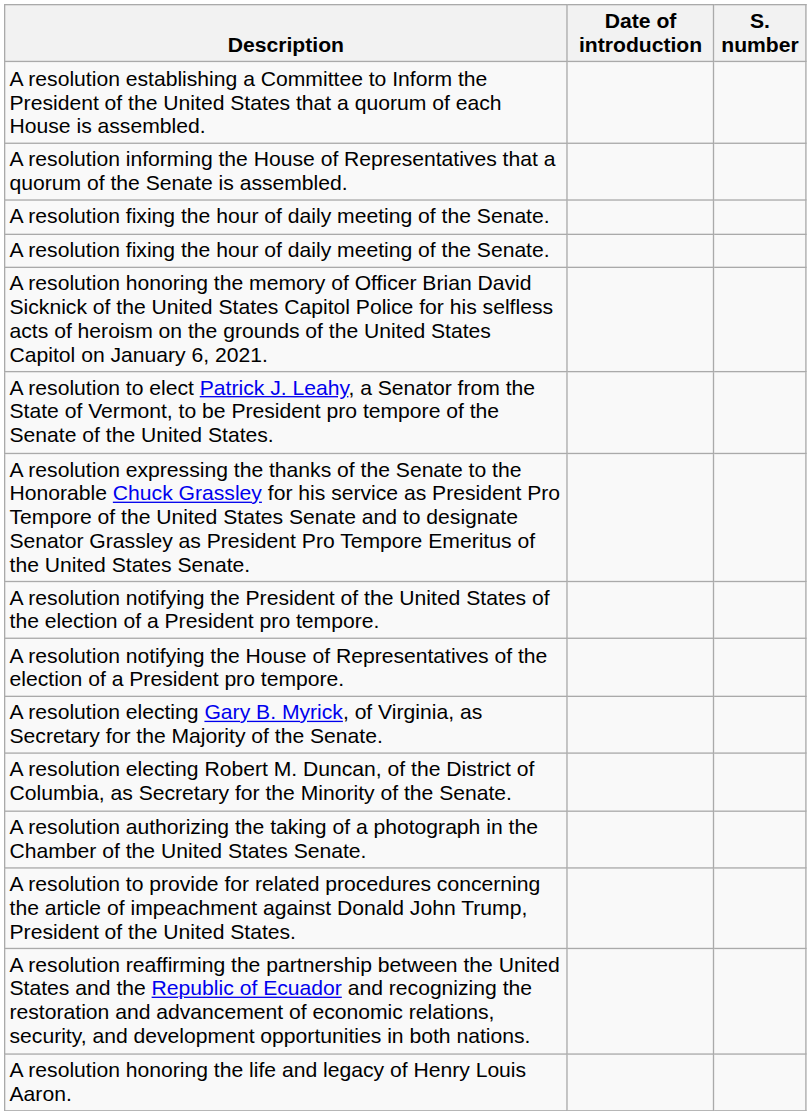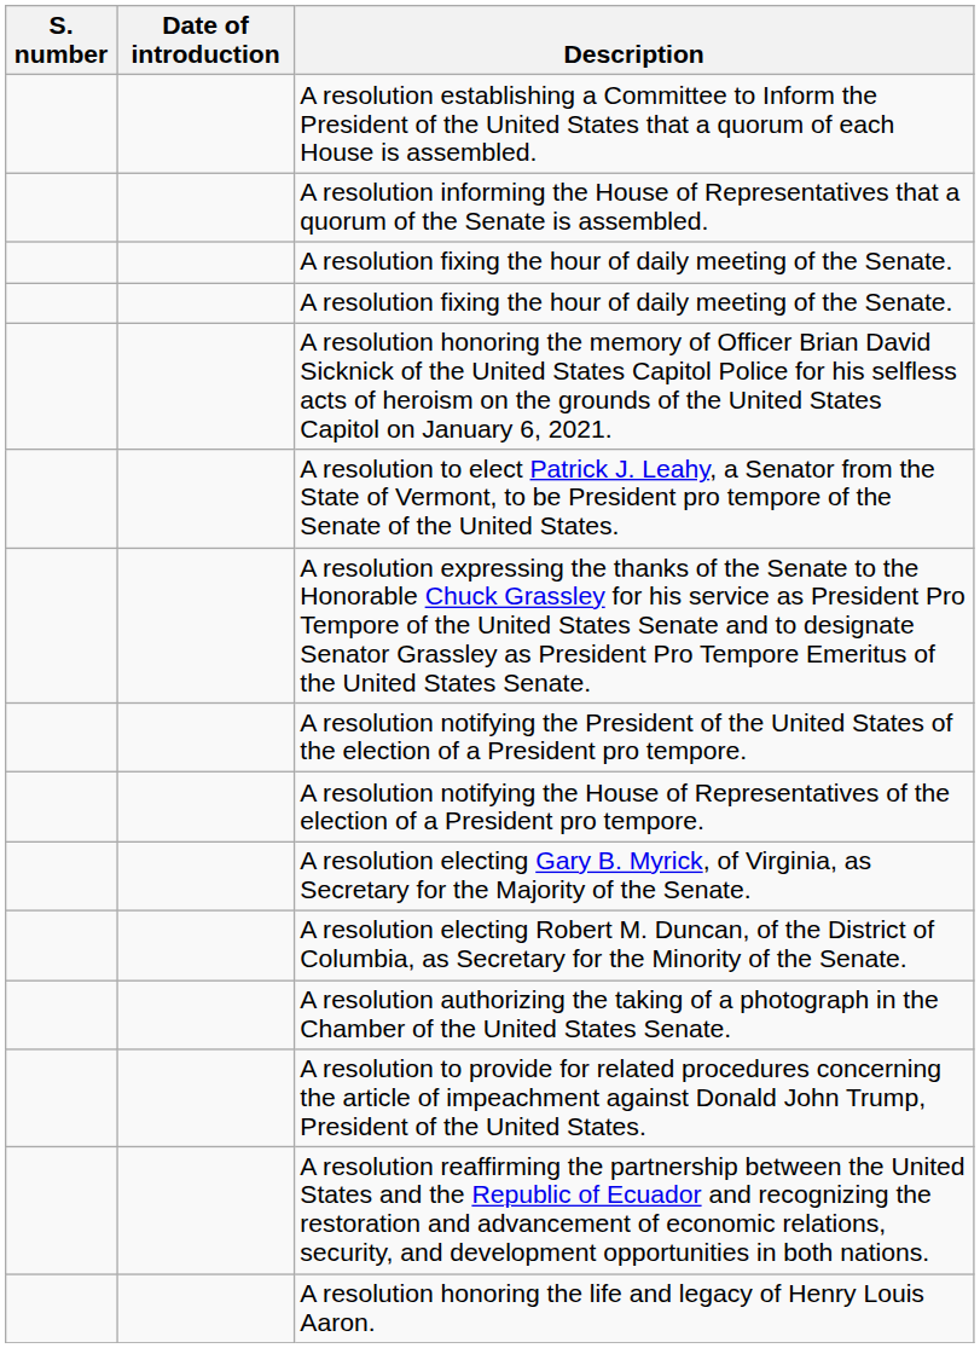 <table class="wikitable">
 <tr valign="bottom">
+<th>S. number</th>
+<th>Date of introduction</th>
 <th>Description</th>
-<th>Date of introduction</th>
-<th>S. number</th>
 </tr>
 <tr>
-<td>A resolution establishing a Committee to Inform the President of the United States that a quorum of each House is assembled.</td>
 <td></td>
 <td></td>
+<td>A resolution establishing a Committee to Inform the President of the United States that a quorum of each House is assembled.</td>
 </tr>
 <tr>
-<td>A resolution informing the House of Representatives that a quorum of the Senate is assembled.</td>
 <td></td>
 <td></td>
+<td>A resolution informing the House of Representatives that a quorum of the Senate is assembled.</td>
 </tr>
 <tr>
-<td>A resolution fixing the hour of daily meeting of the Senate.</td>
 <td></td>
 <td></td>
+<td>A resolution fixing the hour of daily meeting of the Senate.</td>
 </tr>
 <tr>
-<td>A resolution fixing the hour of daily meeting of the Senate.</td>
 <td></td>
 <td></td>
+<td>A resolution fixing the hour of daily meeting of the Senate.</td>
 </tr>
 <tr>
-<td>A resolution honoring the memory of Officer Brian David Sicknick of the United States Capitol Police for his selfless acts of heroism on the grounds of the United States Capitol on January 6, 2021.</td>
 <td></td>
 <td></td>
+<td>A resolution honoring the memory of Officer Brian David Sicknick of the United States Capitol Police for his selfless acts of heroism on the grounds of the United States Capitol on January 6, 2021.</td>
 </tr>
 <tr>
-<td>A resolution to elect <a href='#'>Patrick J. Leahy</a>, a Senator from the State of Vermont, to be President pro tempore of the Senate of the United States.</td>
 <td></td>
 <td></td>
+<td>A resolution to elect <a href='#'>Patrick J. Leahy</a>, a Senator from the State of Vermont, to be President pro tempore of the Senate of the United States.</td>
 </tr>
 <tr>
-<td>A resolution expressing the thanks of the Senate to the Honorable <a href='#'>Chuck Grassley</a> for his service as President Pro Tempore of the United States Senate and to designate Senator Grassley as President Pro Tempore Emeritus of the United States Senate.</td>
 <td></td>
 <td></td>
+<td>A resolution expressing the thanks of the Senate to the Honorable <a href='#'>Chuck Grassley</a> for his service as President Pro Tempore of the United States Senate and to designate Senator Grassley as President Pro Tempore Emeritus of the United States Senate.</td>
 </tr>
 <tr>
-<td>A resolution notifying the President of the United States of the election of a President pro tempore.</td>
 <td></td>
 <td></td>
+<td>A resolution notifying the President of the United States of the election of a President pro tempore.</td>
 </tr>
 <tr>
-<td>A resolution notifying the House of Representatives of the election of a President pro tempore.</td>
 <td></td>
 <td></td>
+<td>A resolution notifying the House of Representatives of the election of a President pro tempore.</td>
 </tr>
 <tr>
-<td>A resolution electing <a href='#'>Gary B. Myrick</a>, of Virginia, as Secretary for the Majority of the Senate.</td>
 <td></td>
 <td></td>
+<td>A resolution electing <a href='#'>Gary B. Myrick</a>, of Virginia, as Secretary for the Majority of the Senate.</td>
 </tr>
 <tr>
-<td>A resolution electing Robert M. Duncan, of the District of Columbia, as Secretary for the Minority of the Senate.</td>
 <td></td>
 <td></td>
+<td>A resolution electing Robert M. Duncan, of the District of Columbia, as Secretary for the Minority of the Senate.</td>
 </tr>
 <tr>
-<td>A resolution authorizing the taking of a photograph in the Chamber of the United States Senate.</td>
 <td></td>
 <td></td>
+<td>A resolution authorizing the taking of a photograph in the Chamber of the United States Senate.</td>
 </tr>
 <tr>
-<td>A resolution to provide for related procedures concerning the article of impeachment against Donald John Trump, President of the United States.</td>
 <td></td>
 <td></td>
+<td>A resolution to provide for related procedures concerning the article of impeachment against Donald John Trump, President of the United States.</td>
 </tr>
 <tr>
-<td>A resolution reaffirming the partnership between the United States and the <a href='#'>Republic of Ecuador</a> and recognizing the restoration and advancement of economic relations, security, and development opportunities in both nations.</td>
 <td></td>
 <td></td>
+<td>A resolution reaffirming the partnership between the United States and the <a href='#'>Republic of Ecuador</a> and recognizing the restoration and advancement of economic relations, security, and development opportunities in both nations.</td>
 </tr>
 <tr>
-<td>A resolution honoring the life and legacy of Henry Louis Aaron.</td>
 <td></td>
 <td></td>
+<td>A resolution honoring the life and legacy of Henry Louis Aaron.</td>
 </tr>
 </table>
